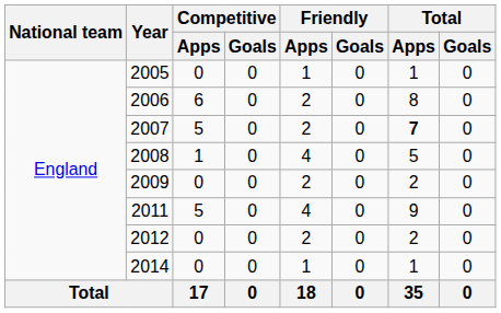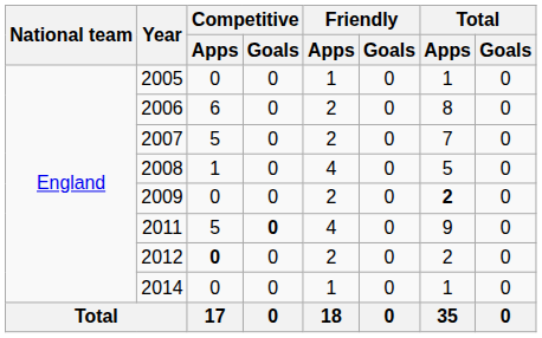 <table class=wikitable style=text-align:center>
 <tr>
 <th rowspan=2>National team</th>
 <th rowspan=2>Year</th>
 <th colspan=2>Competitive</th>
 <th colspan=2>Friendly</th>
 <th colspan=2>Total</th>
 </tr>
 <tr>
 <th>Apps</th>
 <th>Goals</th>
 <th>Apps</th>
 <th>Goals</th>
 <th>Apps</th>
 <th>Goals</th>
 </tr>
 <tr>
 <td rowspan=8><a href='#'>England</a></td>
 <td>2005</td>
 <td>0</td>
 <td>0</td>
 <td>1</td>
 <td>0</td>
 <td>1</td>
 <td>0</td>
 </tr>
 <tr>
 <td>2006</td>
 <td>6</td>
 <td>0</td>
 <td>2</td>
 <td>0</td>
 <td>8</td>
 <td>0</td>
 </tr>
 <tr>
 <td>2007</td>
 <td>5</td>
 <td>0</td>
 <td>2</td>
 <td>0</td>
-<td><strong>7</strong></td>
+<td>7</td>
 <td>0</td>
 </tr>
 <tr>
 <td>2008</td>
 <td>1</td>
 <td>0</td>
 <td>4</td>
 <td>0</td>
 <td>5</td>
 <td>0</td>
 </tr>
 <tr>
 <td>2009</td>
 <td>0</td>
 <td>0</td>
 <td>2</td>
 <td>0</td>
-<td>2</td>
+<td><strong>2</strong></td>
 <td>0</td>
 </tr>
 <tr>
 <td>2011</td>
 <td>5</td>
-<td>0</td>
+<td><strong>0</strong></td>
 <td>4</td>
 <td>0</td>
 <td>9</td>
 <td>0</td>
 </tr>
 <tr>
 <td>2012</td>
-<td>0</td>
+<td><strong>0</strong></td>
 <td>0</td>
 <td>2</td>
 <td>0</td>
 <td>2</td>
 <td>0</td>
 </tr>
 <tr>
 <td>2014</td>
 <td>0</td>
 <td>0</td>
 <td>1</td>
 <td>0</td>
 <td>1</td>
 <td>0</td>
 </tr>
 <tr>
 <th colspan=2>Total</th>
 <th>17</th>
 <th>0</th>
 <th>18</th>
 <th>0</th>
 <th>35</th>
 <th>0</th>
 </tr>
 </table>
